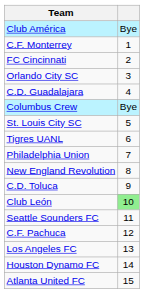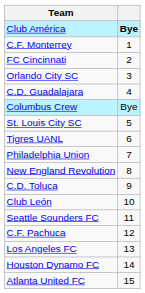 <table class="wikitable" style="white-space:nowrap; display:inline-table;">
 <tr>
 <th style="width:150px">Team</th>
 <th></th>
 </tr>
 <tr bgcolor=#BBF3FF>
 <td> <a href='#'>Club América</a></td>
-<td style="text-align:center">Bye</td>
+<td style="text-align:center"><strong>Bye</strong></td>
 </tr>
 <tr>
 <td> <a href='#'>C.F. Monterrey</a></td>
 <td style="text-align:center">1</td>
 </tr>
 <tr>
 <td> <a href='#'>FC Cincinnati</a></td>
 <td style="text-align:center">2</td>
 </tr>
 <tr>
 <td> <a href='#'>Orlando City SC</a></td>
 <td style="text-align:center">3</td>
 </tr>
 <tr>
 <td> <a href='#'>C.D. Guadalajara</a></td>
 <td style="text-align:center">4</td>
 </tr>
 <tr bgcolor=#BBF3FF>
 <td> <a href='#'>Columbus Crew</a></td>
 <td style="text-align:center">Bye</td>
 </tr>
 <tr>
 <td> <a href='#'>St. Louis City SC</a></td>
 <td style="text-align:center">5</td>
 </tr>
 <tr>
 <td> <a href='#'>Tigres UANL</a></td>
 <td style="text-align:center">6</td>
 </tr>
 <tr>
 <td> <a href='#'>Philadelphia Union</a></td>
 <td style="text-align:center">7</td>
 </tr>
 <tr>
 <td> <a href='#'>New England Revolution</a></td>
 <td style="text-align:center">8</td>
 </tr>
 <tr>
 <td> <a href='#'>C.D. Toluca</a></td>
 <td style="text-align:center">9</td>
 </tr>
 <tr>
 <td> <a href='#'>Club León</a></td>
-<td style="background: lightgreen; text-align:center">10</td>
+<td style="text-align:center">10</td>
 </tr>
 <tr>
 <td> <a href='#'>Seattle Sounders FC</a></td>
 <td style="text-align:center">11</td>
 </tr>
 <tr>
 <td> <a href='#'>C.F. Pachuca</a></td>
 <td style="text-align:center">12</td>
 </tr>
 <tr>
 <td> <a href='#'>Los Angeles FC</a></td>
 <td style="text-align:center">13</td>
 </tr>
 <tr>
 <td> <a href='#'>Houston Dynamo FC</a></td>
 <td style="text-align:center">14</td>
 </tr>
 <tr>
 <td> <a href='#'>Atlanta United FC</a></td>
 <td style="text-align:center">15</td>
 </tr>
 </table>
